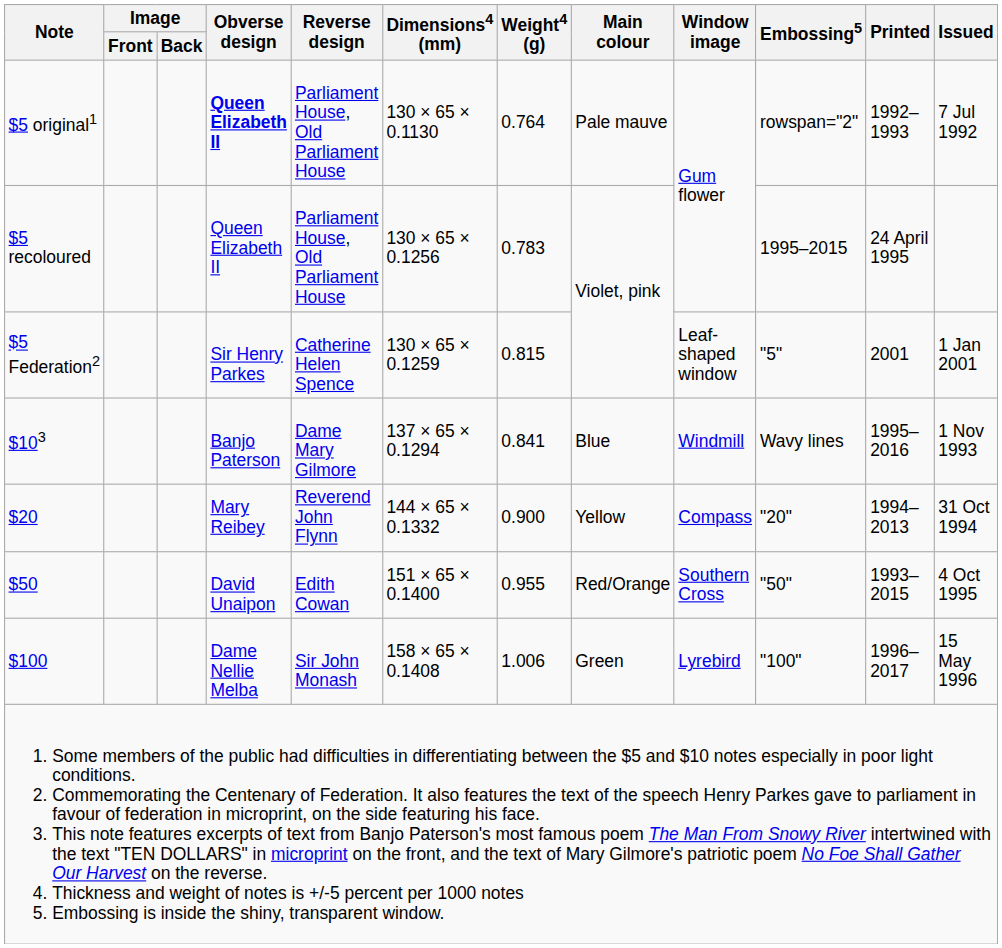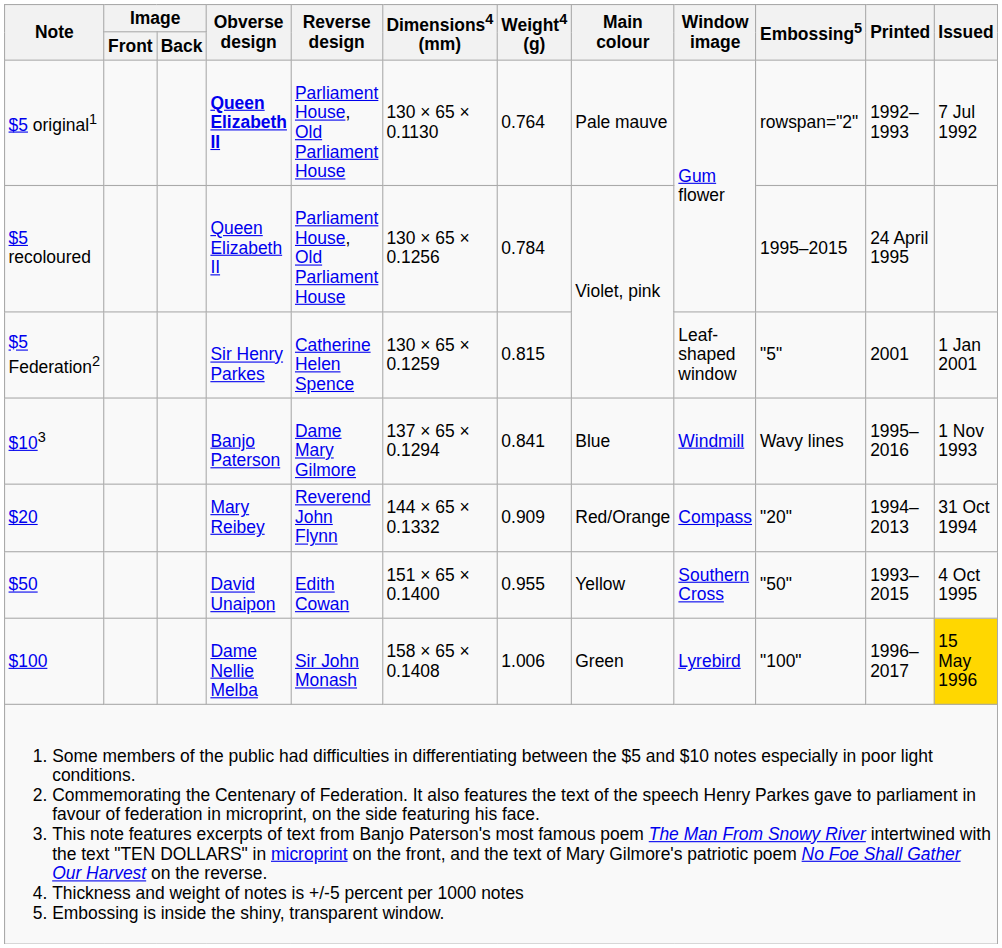 <table class="wikitable">
 <tr>
 <th rowspan="2">Note</th>
 <th colspan="2">Image</th>
 <th rowspan="2">Obverse design</th>
 <th rowspan="2">Reverse design</th>
 <th rowspan="2">Dimensions<sup>4</sup> (mm)</th>
 <th rowspan="2">Weight<sup>4</sup> (g)</th>
 <th rowspan="2">Main colour</th>
 <th rowspan="2">Window image</th>
 <th rowspan="2">Embossing<sup>5</sup></th>
 <th rowspan="2">Printed</th>
 <th rowspan="2">Issued</th>
 </tr>
 <tr>
 <th>Front</th>
 <th>Back</th>
 </tr>
 <tr>
 <td><a href='#'>$5</a> original<sup>1</sup></td>
 <td></td>
 <td></td>
 <td><strong><br><a href='#'>Queen Elizabeth II</a><br> </strong></td>
 <td><br><a href='#'>Parliament House</a>,<br><a href='#'>Old Parliament House</a></td>
 <td>130 × 65 × 0.1130</td>
 <td>0.764</td>
 <td>Pale mauve</td>
 <td rowspan="2"><a href='#'>Gum</a> flower</td>
 <td>rowspan="2" </td>
 <td>1992–1993</td>
 <td>7 Jul 1992</td>
 </tr>
 <tr>
 <td><a href='#'>$5</a> recoloured</td>
 <td></td>
 <td></td>
 <td><br><a href='#'>Queen Elizabeth II</a><br> </td>
 <td><br><a href='#'>Parliament House</a>,<br><a href='#'>Old Parliament House</a></td>
 <td>130 × 65 × 0.1256</td>
-<td>0.783</td>
+<td>0.784</td>
 <td rowspan="2">Violet, pink</td>
 <td>1995–2015</td>
 <td>24 April 1995</td>
 </tr>
 <tr>
 <td><a href='#'>$5</a> Federation<sup>2</sup></td>
 <td></td>
 <td></td>
 <td><br><a href='#'>Sir Henry Parkes</a></td>
 <td><br><a href='#'>Catherine Helen Spence</a></td>
 <td>130 × 65 × 0.1259</td>
 <td>0.815</td>
 <td>Leaf-shaped window</td>
 <td>"5"</td>
 <td>2001</td>
 <td>1 Jan 2001</td>
 </tr>
 <tr>
 <td><a href='#'>$10</a><sup>3</sup></td>
 <td></td>
 <td></td>
 <td><br><a href='#'>Banjo Paterson</a></td>
 <td><br><a href='#'>Dame Mary Gilmore</a></td>
 <td>137 × 65 × 0.1294</td>
 <td>0.841</td>
 <td>Blue</td>
 <td><a href='#'>Windmill</a></td>
 <td>Wavy lines</td>
 <td>1995–2016</td>
 <td>1 Nov 1993</td>
 </tr>
 <tr>
 <td><a href='#'>$20</a></td>
 <td></td>
 <td></td>
 <td><a href='#'>Mary Reibey</a></td>
 <td><a href='#'>Reverend John Flynn</a></td>
 <td>144 × 65 × 0.1332</td>
-<td>0.900</td>
-<td>Yellow</td>
+<td>0.909</td>
+<td>Red/Orange</td>
 <td><a href='#'>Compass</a></td>
 <td>"20"</td>
 <td>1994–2013</td>
 <td>31 Oct 1994</td>
 </tr>
 <tr>
 <td><a href='#'>$50</a></td>
 <td></td>
 <td></td>
 <td><br><a href='#'>David Unaipon</a></td>
 <td><br><a href='#'>Edith Cowan</a></td>
 <td>151 × 65 × 0.1400</td>
 <td>0.955</td>
-<td>Red/Orange</td>
+<td>Yellow</td>
 <td><a href='#'>Southern Cross</a></td>
 <td>"50"</td>
 <td>1993–2015</td>
 <td>4 Oct 1995</td>
 </tr>
 <tr>
 <td><a href='#'>$100</a></td>
 <td></td>
 <td></td>
 <td><br><a href='#'>Dame Nellie Melba</a></td>
 <td><br><a href='#'>Sir John Monash</a></td>
 <td>158 × 65 × 0.1408</td>
 <td>1.006</td>
 <td>Green</td>
 <td><a href='#'>Lyrebird</a></td>
 <td>"100"</td>
 <td>1996–2017</td>
-<td>15 May 1996</td>
+<td style="background: gold;">15 May 1996</td>
 </tr>
 <tr>
 <td colspan="14"><br><ol><li>Some members of the public had difficulties in differentiating between the $5 and $10 notes especially in poor light conditions.</li><li>Commemorating the Centenary of Federation. It also features the text of the speech Henry Parkes gave to parliament in favour of federation in microprint, on the side featuring his face.</li><li>This note features excerpts of text from Banjo Paterson's most famous poem <em><a href='#'>The Man From Snowy River</a></em> intertwined with the text "TEN DOLLARS" in <a href='#'>microprint</a> on the front, and the text of Mary Gilmore's patriotic poem <em><a href='#'>No Foe Shall Gather Our Harvest</a></em> on the reverse.</li><li>Thickness and weight of notes is +/-5 percent per 1000 notes</li><li>Embossing is inside the shiny, transparent window.</li></ol></td>
 </tr>
 </table>
